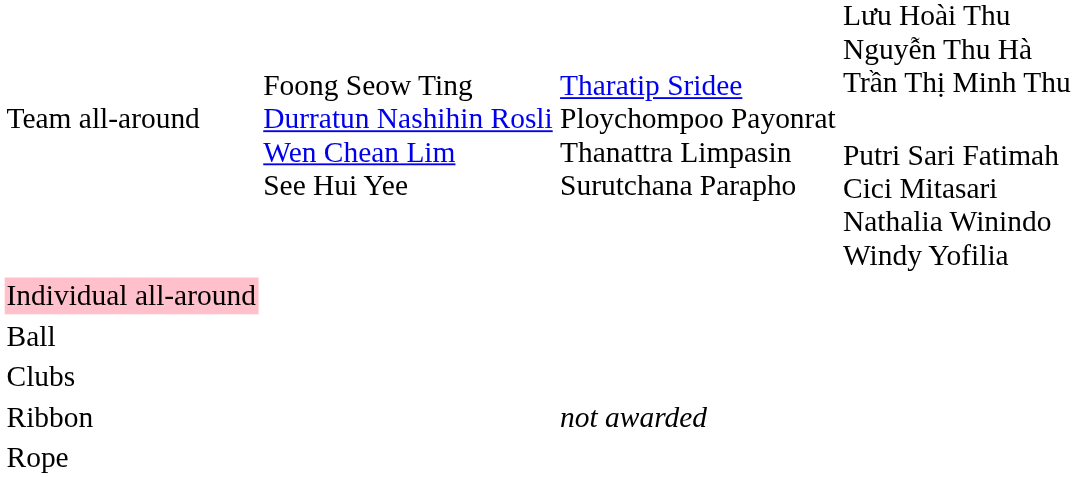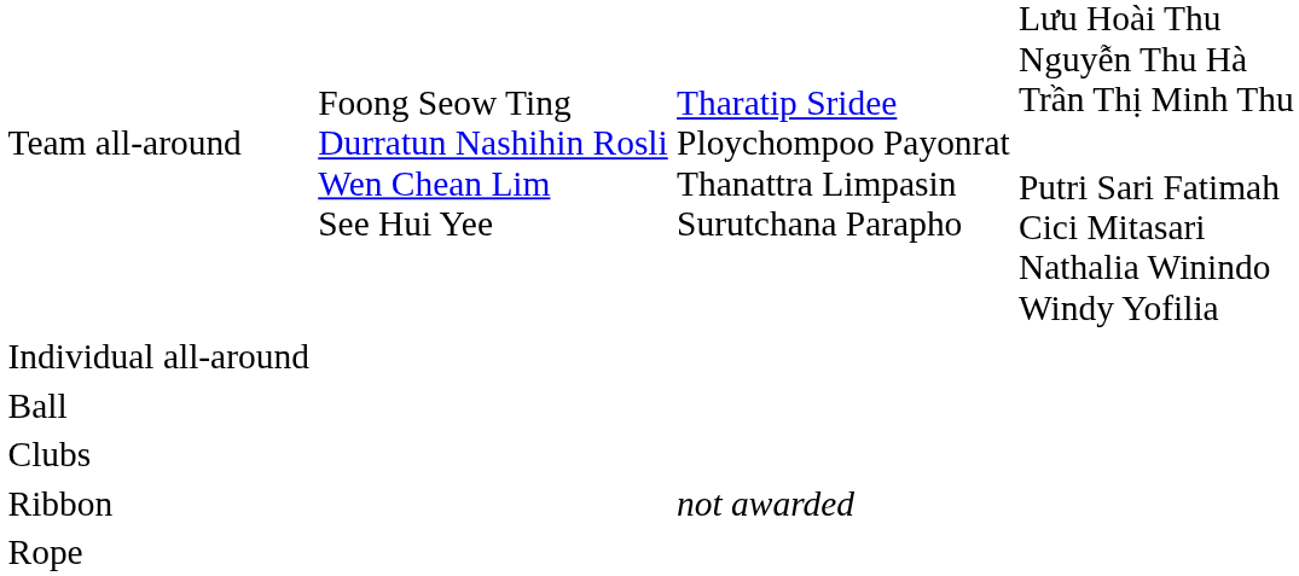 <table>
 <tr>
 <td rowspan="2">Team all-around</td>
 <td rowspan="2" nowrap><br>Foong Seow Ting<br><a href='#'>Durratun Nashihin Rosli</a><br><a href='#'>Wen Chean Lim</a><br>See Hui Yee</td>
 <td rowspan="2"><br><a href='#'>Tharatip Sridee</a><br>Ploychompoo Payonrat<br>Thanattra Limpasin<br>Surutchana Parapho</td>
 <td><br>Lưu Hoài Thu<br>Nguyễn Thu Hà<br>Trần Thị Minh Thu</td>
 </tr>
 <tr>
 <td><br>Putri Sari Fatimah<br>Cici Mitasari<br>Nathalia Winindo<br>Windy Yofilia</td>
 </tr>
 <tr>
-<td style="background: pink;">Individual all-around</td>
+<td>Individual all-around</td>
 <td></td>
 <td></td>
 <td></td>
 </tr>
 <tr>
 <td rowspan="3">Ball</td>
 <td rowspan="3"></td>
 <td rowspan="3"></td>
 <td></td>
 </tr>
 <tr>
 <td></td>
 </tr>
 <tr>
 <td></td>
 </tr>
 <tr>
 <td rowspan="2">Clubs</td>
 <td rowspan="2"></td>
 <td rowspan="2" nowrap></td>
 <td></td>
 </tr>
 <tr>
 <td></td>
 </tr>
 <tr>
 <td rowspan="2">Ribbon</td>
 <td></td>
 <td rowspan="2"><em>not awarded</em></td>
 <td></td>
 </tr>
 <tr>
 <td></td>
 <td nowrap></td>
 </tr>
 <tr>
 <td rowspan="2">Rope</td>
 <td rowspan="2"></td>
 <td rowspan="2"></td>
 <td></td>
 </tr>
 <tr>
 <td></td>
 </tr>
 </table>
